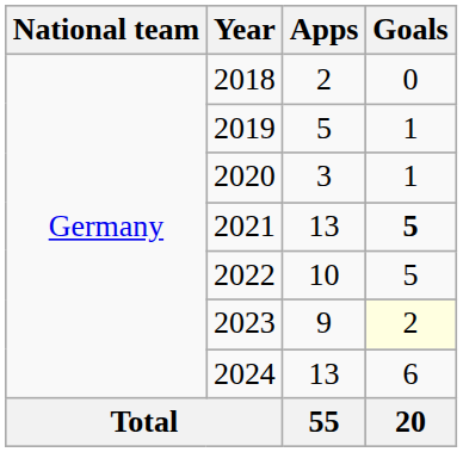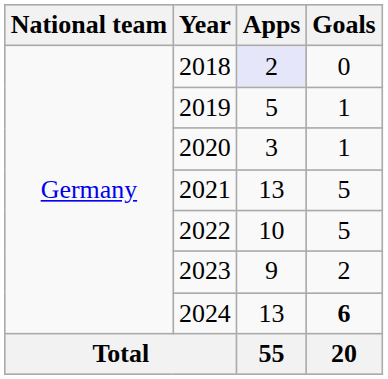 <table class="wikitable" style="text-align: center;">
 <tr>
 <th>National team</th>
 <th>Year</th>
 <th>Apps</th>
 <th>Goals</th>
 </tr>
 <tr>
 <td rowspan="7"><a href='#'>Germany</a></td>
 <td>2018</td>
-<td>2</td>
+<td style="background: lavender;">2</td>
 <td>0</td>
 </tr>
 <tr>
 <td>2019</td>
 <td>5</td>
 <td>1</td>
 </tr>
 <tr>
 <td>2020</td>
 <td>3</td>
 <td>1</td>
 </tr>
 <tr>
 <td>2021</td>
 <td>13</td>
-<td><strong>5</strong></td>
+<td>5</td>
 </tr>
 <tr>
 <td>2022</td>
 <td>10</td>
 <td>5</td>
 </tr>
 <tr>
 <td>2023</td>
 <td>9</td>
-<td style="background: lightyellow;">2</td>
+<td>2</td>
 </tr>
 <tr>
 <td>2024</td>
 <td>13</td>
-<td>6</td>
+<td><strong>6</strong></td>
 </tr>
 <tr>
 <th colspan="2">Total</th>
 <th>55</th>
 <th>20</th>
 </tr>
 </table>
